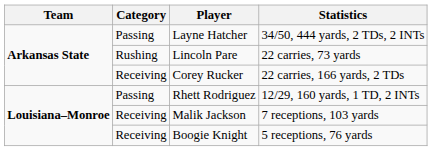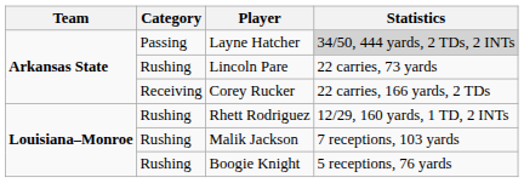 <table class="wikitable" style="float: left;">
 <tr>
 <th>Team</th>
 <th>Category</th>
 <th>Player</th>
 <th>Statistics</th>
 </tr>
 <tr>
 <td rowspan=3><strong>Arkansas State</strong></td>
 <td>Passing</td>
 <td>Layne Hatcher</td>
-<td>34/50, 444 yards, 2 TDs, 2 INTs</td>
+<td style="background: lightgrey;">34/50, 444 yards, 2 TDs, 2 INTs</td>
 </tr>
 <tr>
 <td>Rushing</td>
 <td>Lincoln Pare</td>
 <td>22 carries, 73 yards</td>
 </tr>
 <tr>
 <td>Receiving</td>
 <td>Corey Rucker</td>
 <td>22 carries, 166 yards, 2 TDs</td>
 </tr>
 <tr>
 <td rowspan=3><strong>Louisiana–Monroe</strong></td>
-<td>Passing</td>
+<td>Rushing</td>
 <td>Rhett Rodriguez</td>
 <td>12/29, 160 yards, 1 TD, 2 INTs</td>
 </tr>
 <tr>
-<td>Receiving</td>
+<td>Rushing</td>
 <td>Malik Jackson</td>
 <td>7 receptions, 103 yards</td>
 </tr>
 <tr>
-<td>Receiving</td>
+<td>Rushing</td>
 <td>Boogie Knight</td>
 <td>5 receptions, 76 yards</td>
 </tr>
 </table>
